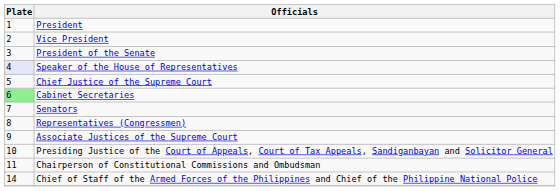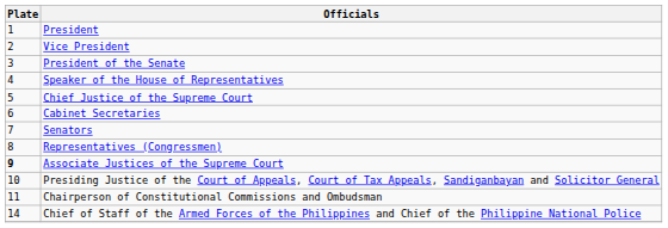 <table class="wikitable">
 <tr>
 <th>Plate</th>
 <th>Officials</th>
 </tr>
 <tr>
 <td>1</td>
 <td><a href='#'>President</a></td>
 </tr>
 <tr>
 <td>2</td>
 <td><a href='#'>Vice President</a></td>
 </tr>
 <tr>
 <td>3</td>
 <td><a href='#'>President of the Senate</a></td>
 </tr>
 <tr>
-<td style="background: lavender;">4</td>
+<td>4</td>
 <td><a href='#'>Speaker of the House of Representatives</a></td>
 </tr>
 <tr>
 <td>5</td>
 <td><a href='#'>Chief Justice of the Supreme Court</a></td>
 </tr>
 <tr>
-<td style="background: lightgreen;">6</td>
+<td>6</td>
 <td><a href='#'>Cabinet Secretaries</a></td>
 </tr>
 <tr>
 <td>7</td>
 <td><a href='#'>Senators</a></td>
 </tr>
 <tr>
 <td>8</td>
 <td><a href='#'>Representatives (Congressmen)</a></td>
 </tr>
 <tr>
-<td>9</td>
+<td><strong>9</strong></td>
 <td><a href='#'>Associate Justices of the Supreme Court</a></td>
 </tr>
 <tr>
 <td>10</td>
 <td>Presiding Justice of the <a href='#'>Court of Appeals</a>, <a href='#'>Court of Tax Appeals</a>, <a href='#'>Sandiganbayan</a> and <a href='#'>Solicitor General</a></td>
 </tr>
 <tr>
 <td>11</td>
 <td>Chairperson of Constitutional Commissions and Ombudsman</td>
 </tr>
 <tr>
 <td>14</td>
 <td>Chief of Staff of the <a href='#'>Armed Forces of the Philippines</a> and Chief of the <a href='#'>Philippine National Police</a></td>
 </tr>
 <tr>
 </tr>
 </table>
